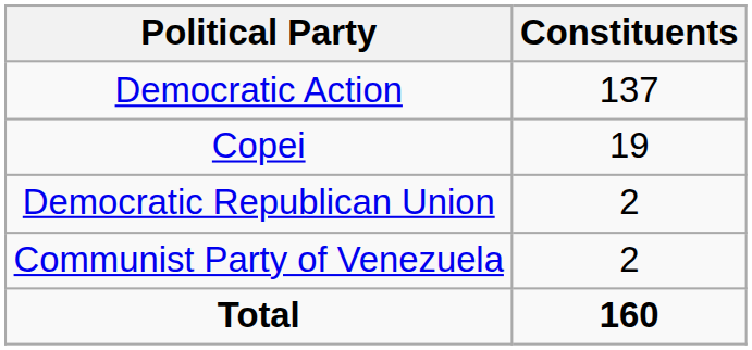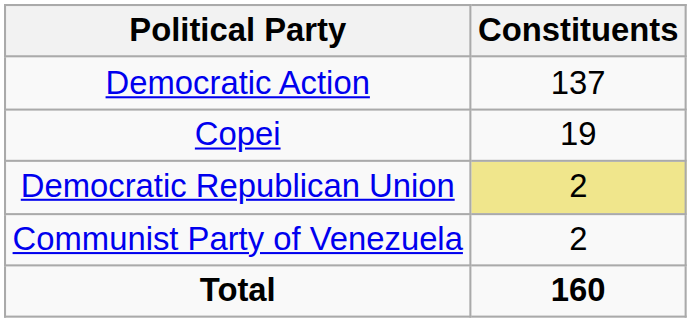 <table class="wikitable" align="center">
 <tr>
 <th>Political Party</th>
 <th>Constituents</th>
 </tr>
 <tr align="center">
 <td><a href='#'>Democratic Action</a></td>
 <td>137</td>
 </tr>
 <tr align="center">
 <td><a href='#'>Copei</a></td>
 <td>19</td>
 </tr>
 <tr align="center">
 <td><a href='#'>Democratic Republican Union</a></td>
-<td>2</td>
+<td style="background: khaki;">2</td>
 </tr>
 <tr align="center">
 <td><a href='#'>Communist Party of Venezuela</a></td>
 <td>2</td>
 </tr>
 <tr align="center">
 <td><strong>Total</strong></td>
 <td><strong>160</strong></td>
 </tr>
 </table>
